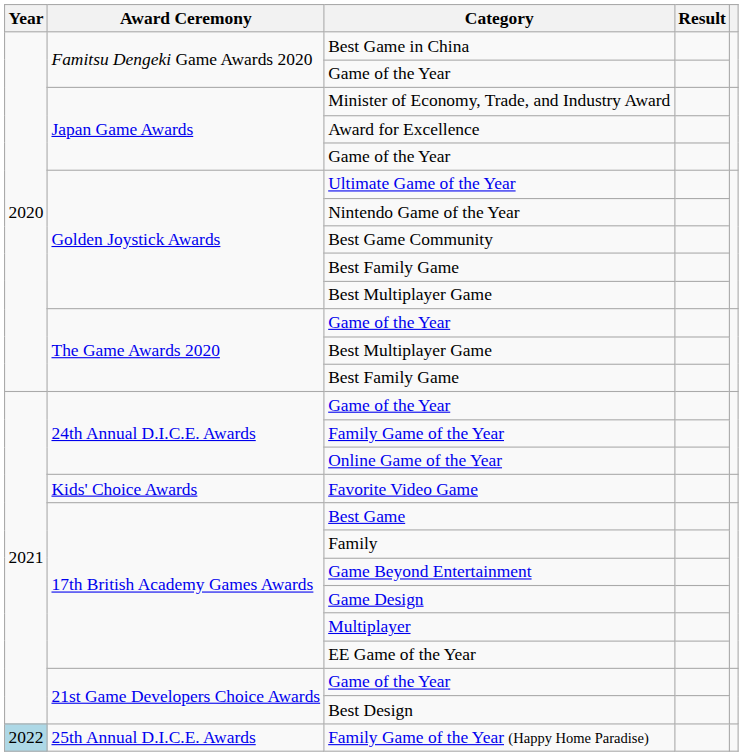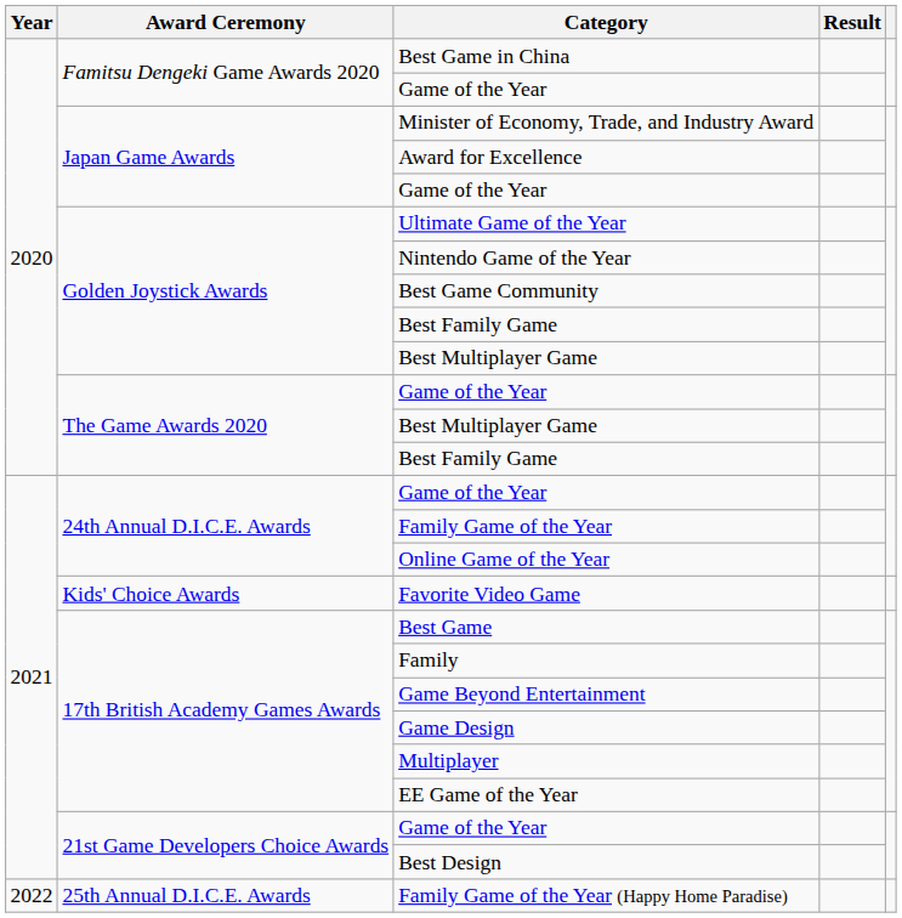 <table class="wikitable plainrowheaders sortable" width="auto">
 <tr>
 <th scope="col">Year</th>
 <th scope="col">Award Ceremony</th>
 <th scope="col">Category</th>
 <th scope="col">Result</th>
 <th scope="col" class="unsortable"></th>
 </tr>
 <tr>
 <td rowspan="13" style="text-align:center;">2020</td>
 <td rowspan="2"><em>Famitsu Dengeki</em> Game Awards 2020</td>
 <td>Best Game in China</td>
 <td></td>
 <td rowspan="2" style="text-align:center;"></td>
 </tr>
 <tr>
 <td>Game of the Year</td>
 <td></td>
 </tr>
 <tr>
 <td rowspan="3"><a href='#'>Japan Game Awards</a></td>
 <td>Minister of Economy, Trade, and Industry Award</td>
 <td></td>
 <td rowspan="3" style="text-align:center;"></td>
 </tr>
 <tr>
 <td>Award for Excellence</td>
 <td></td>
 </tr>
 <tr>
 <td>Game of the Year</td>
 <td></td>
 </tr>
 <tr>
 <td rowspan="5"><a href='#'>Golden Joystick Awards</a></td>
 <td><a href='#'>Ultimate Game of the Year</a></td>
 <td></td>
 <td rowspan="5" style="text-align:center;"></td>
 </tr>
 <tr>
 <td>Nintendo Game of the Year</td>
 <td></td>
 </tr>
 <tr>
 <td>Best Game Community</td>
 <td></td>
 </tr>
 <tr>
 <td>Best Family Game</td>
 <td></td>
 </tr>
 <tr>
 <td>Best Multiplayer Game</td>
 <td></td>
 </tr>
 <tr>
 <td rowspan="3"><a href='#'>The Game Awards 2020</a></td>
 <td><a href='#'>Game of the Year</a></td>
 <td></td>
 <td rowspan="3" style="text-align:center;"></td>
 </tr>
 <tr>
 <td>Best Multiplayer Game</td>
 <td></td>
 </tr>
 <tr>
 <td>Best Family Game</td>
 <td></td>
 </tr>
 <tr>
 <td rowspan="12" style="text-align:center;">2021</td>
 <td rowspan="3"><a href='#'>24th Annual D.I.C.E. Awards</a></td>
 <td><a href='#'>Game of the Year</a></td>
 <td></td>
 <td rowspan="3" style="text-align:center;"></td>
 </tr>
 <tr>
 <td><a href='#'>Family Game of the Year</a></td>
 <td></td>
 </tr>
 <tr>
 <td><a href='#'>Online Game of the Year</a></td>
 <td></td>
 </tr>
 <tr>
 <td><a href='#'>Kids' Choice Awards</a></td>
 <td><a href='#'>Favorite Video Game</a></td>
 <td></td>
 <td style="text-align:center;"></td>
 </tr>
 <tr>
 <td rowspan="6"><a href='#'>17th British Academy Games Awards</a></td>
 <td><a href='#'>Best Game</a></td>
 <td></td>
 <td rowspan="6" style="text-align:center;"></td>
 </tr>
 <tr>
 <td>Family</td>
 <td></td>
 </tr>
 <tr>
 <td><a href='#'>Game Beyond Entertainment</a></td>
 <td></td>
 </tr>
 <tr>
 <td><a href='#'>Game Design</a></td>
 <td></td>
 </tr>
 <tr>
 <td><a href='#'>Multiplayer</a></td>
 <td></td>
 </tr>
 <tr>
 <td>EE Game of the Year</td>
 <td></td>
 </tr>
 <tr>
 <td rowspan="2"><a href='#'>21st Game Developers Choice Awards</a></td>
 <td><a href='#'>Game of the Year</a></td>
 <td></td>
 <td rowspan="2" style="text-align:center;"></td>
 </tr>
 <tr>
 <td>Best Design</td>
 <td></td>
 </tr>
 <tr>
-<td style="background: lightblue; text-align:center;">2022</td>
+<td style="text-align:center;">2022</td>
 <td><a href='#'>25th Annual D.I.C.E. Awards</a></td>
 <td><a href='#'>Family Game of the Year</a> <small>(Happy Home Paradise)</small></td>
 <td></td>
 <td style="text-align:center;"></td>
 </tr>
 </table>
